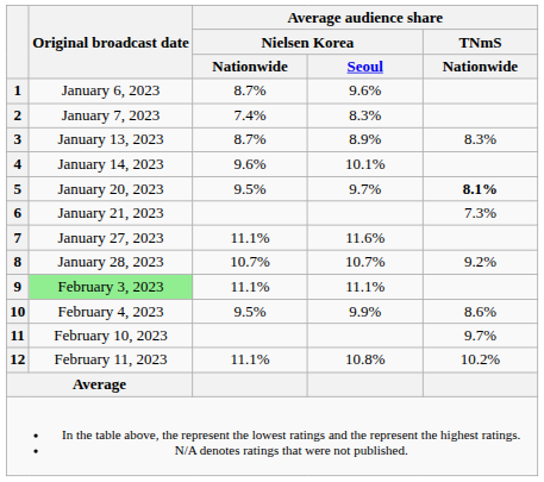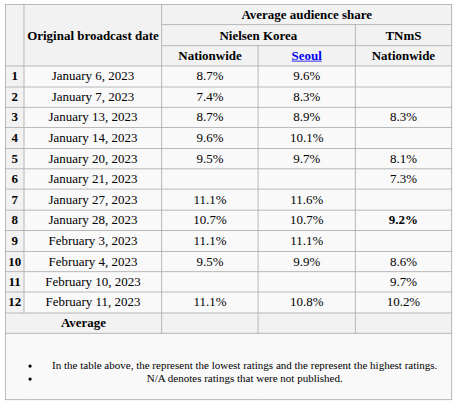 <table class="wikitable" style="text-align:center; max-width:580px; margin-left:auto; margin-right:auto">
 <tr>
 <th scope="col" rowspan="3"></th>
 <th scope="col" rowspan="3">Original broadcast date</th>
 <th scope="col" colspan="3">Average audience share</th>
 </tr>
 <tr>
 <th scope="col" colspan="2">Nielsen Korea</th>
 <th scope="col">TNmS</th>
 </tr>
 <tr>
 <th scope="col" style="width:7em">Nationwide</th>
 <th scope="col" style="width:7em"><a href='#'>Seoul</a></th>
 <th scope="col" style="width:7em">Nationwide</th>
 </tr>
 <tr>
 <th scope="col">1</th>
 <td>January 6, 2023</td>
 <td>8.7% </td>
 <td>9.6% </td>
 <td><strong></strong> </td>
 </tr>
 <tr>
 <th scope="col">2</th>
 <td>January 7, 2023</td>
 <td>7.4% </td>
 <td>8.3% </td>
 <td><strong></strong> </td>
 </tr>
 <tr>
 <th scope="col">3</th>
 <td>January 13, 2023</td>
 <td>8.7% </td>
 <td>8.9% </td>
 <td>8.3% </td>
 </tr>
 <tr>
 <th scope="col">4</th>
 <td>January 14, 2023</td>
 <td>9.6% </td>
 <td>10.1% </td>
 <td></td>
 </tr>
 <tr>
 <th scope="col">5</th>
 <td>January 20, 2023</td>
 <td>9.5% </td>
 <td>9.7% </td>
-<td><strong>8.1% </strong></td>
+<td>8.1% </td>
 </tr>
 <tr>
 <th scope="col">6</th>
 <td>January 21, 2023</td>
 <td><strong></strong> </td>
 <td><strong></strong> </td>
 <td>7.3% </td>
 </tr>
 <tr>
 <th scope="col">7</th>
 <td>January 27, 2023</td>
 <td>11.1% </td>
 <td>11.6% </td>
 <td></td>
 </tr>
 <tr>
 <th scope="col">8</th>
 <td>January 28, 2023</td>
 <td>10.7% </td>
 <td>10.7% </td>
-<td>9.2% </td>
+<td><strong>9.2% </strong></td>
 </tr>
 <tr>
 <th scope="col">9</th>
-<td style="background: lightgreen;">February 3, 2023</td>
+<td>February 3, 2023</td>
 <td>11.1% </td>
 <td>11.1% </td>
 <td><strong></strong> </td>
 </tr>
 <tr>
 <th scope="col">10</th>
 <td>February 4, 2023</td>
 <td>9.5% </td>
 <td>9.9% </td>
 <td>8.6% </td>
 </tr>
 <tr>
 <th scope="col">11</th>
 <td>February 10, 2023</td>
 <td><strong></strong> </td>
 <td><strong></strong> </td>
 <td>9.7% </td>
 </tr>
 <tr>
 <th scope="col">12</th>
 <td>February 11, 2023</td>
 <td>11.1% </td>
 <td>10.8% </td>
 <td>10.2% </td>
 </tr>
 <tr>
 <th scope="col" colspan="2">Average</th>
 <th scope="col"></th>
 <th scope="col"></th>
 <th scope="col"></th>
 </tr>
 <tr>
 <td colspan="5" style="font-size:85%"><br><ul><li>In the table above, the <strong></strong> represent the lowest ratings and the <strong></strong> represent the highest ratings.</li><li>N/A denotes ratings that were not published.</li></ul></td>
 </tr>
 </table>
